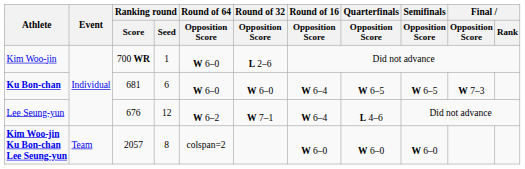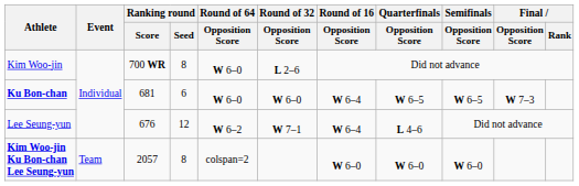 <table class="wikitable" style="font-size:90%">
 <tr>
 <th rowspan=2>Athlete</th>
 <th rowspan=2>Event</th>
 <th colspan="2">Ranking round</th>
 <th>Round of 64</th>
 <th>Round of 32</th>
 <th>Round of 16</th>
 <th>Quarterfinals</th>
 <th>Semifinals</th>
 <th colspan="2">Final / </th>
 </tr>
 <tr style="font-size:95%">
 <th>Score</th>
 <th>Seed</th>
 <th>Opposition<br>Score</th>
 <th>Opposition<br>Score</th>
 <th>Opposition<br>Score</th>
 <th>Opposition<br>Score</th>
 <th>Opposition<br>Score</th>
 <th>Opposition<br>Score</th>
 <th>Rank</th>
 </tr>
 <tr align=center>
 <td align=left><a href='#'>Kim Woo-jin</a></td>
 <td align=left rowspan=3><a href='#'>Individual</a></td>
 <td>700 <strong>WR</strong></td>
-<td>1</td>
+<td>8</td>
 <td><br><strong>W</strong> 6–0</td>
 <td><br><strong>L</strong> 2–6</td>
 <td colspan=5>Did not advance</td>
 </tr>
 <tr align=center>
 <td align=left><strong><a href='#'>Ku Bon-chan</a></strong></td>
 <td>681</td>
 <td>6</td>
 <td><br><strong>W</strong> 6–0</td>
 <td><br><strong>W</strong> 6–0</td>
 <td><br><strong>W</strong> 6–4</td>
 <td><br><strong>W</strong> 6–5</td>
 <td><br><strong>W</strong> 6–5</td>
 <td><br><strong>W</strong> 7–3</td>
 <td></td>
 </tr>
 <tr align=center>
 <td align=left><a href='#'>Lee Seung-yun</a></td>
 <td>676</td>
 <td>12</td>
 <td><br><strong>W</strong> 6–2</td>
 <td><br><strong>W</strong> 7–1</td>
 <td><br><strong>W</strong> 6–4</td>
 <td><br><strong>L</strong> 4–6</td>
 <td colspan=3>Did not advance</td>
 </tr>
 <tr align=center>
 <td align=left><strong><a href='#'>Kim Woo-jin</a><br><a href='#'>Ku Bon-chan</a><br><a href='#'>Lee Seung-yun</a></strong></td>
 <td align=left><a href='#'>Team</a></td>
 <td>2057</td>
 <td>8</td>
 <td>colspan=2 </td>
 <td></td>
 <td><br><strong>W</strong> 6–0</td>
 <td><br><strong>W</strong> 6–0</td>
 <td><br><strong>W</strong> 6–0</td>
 <td></td>
 </tr>
 </table>
